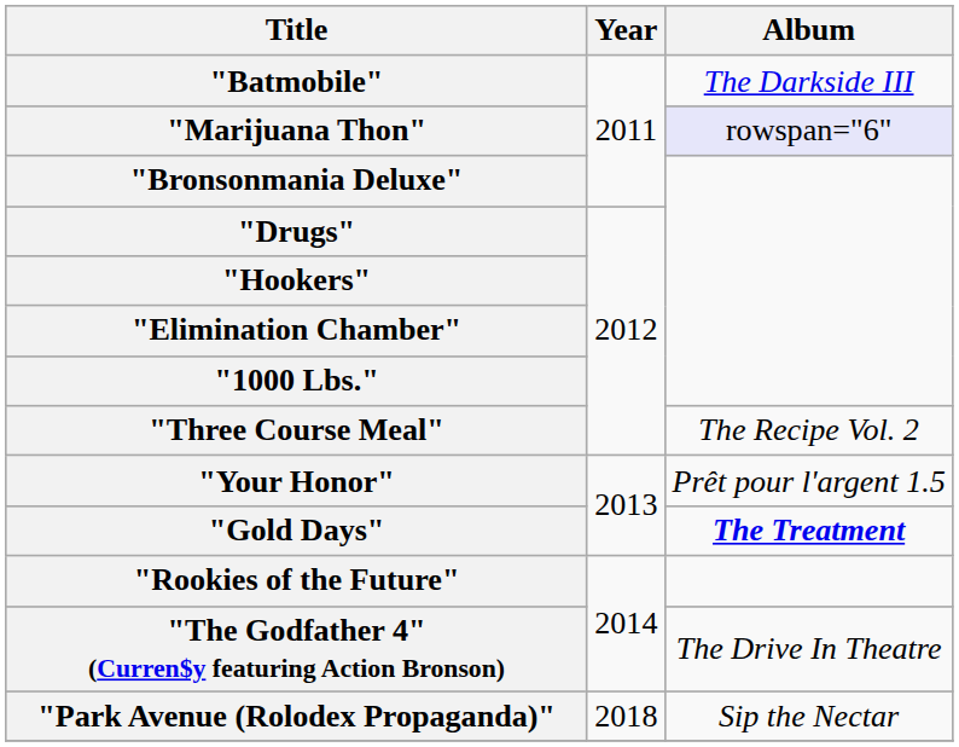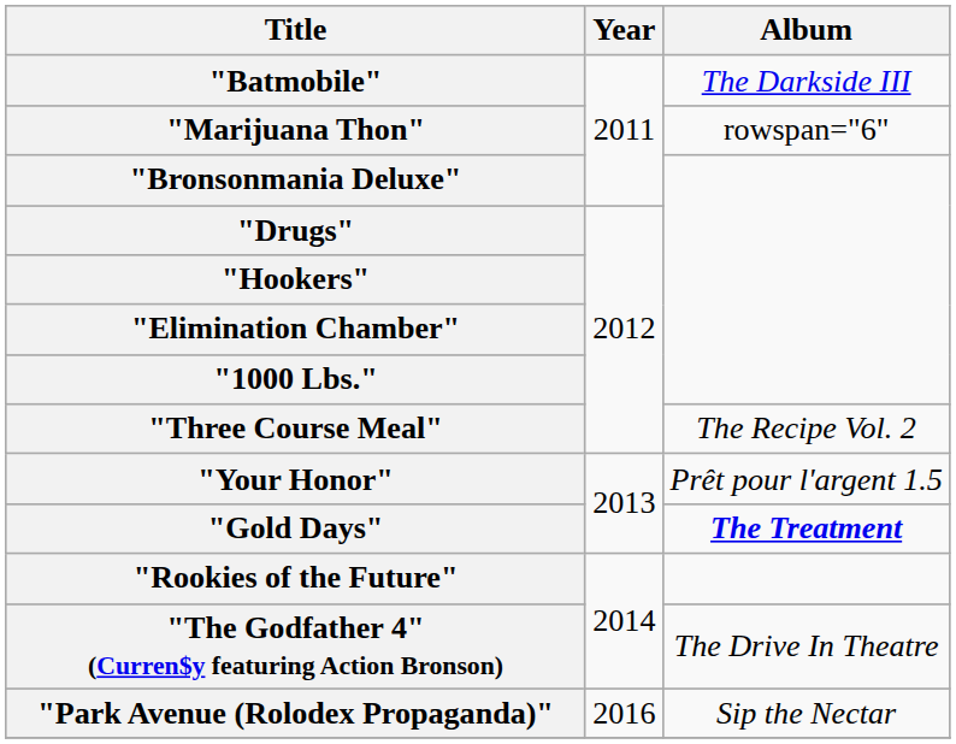 <table class="wikitable plainrowheaders" style="text-align:center;">
 <tr>
 <th scope="col" style="width:18em;">Title</th>
 <th scope="col">Year</th>
 <th scope="col">Album</th>
 </tr>
 <tr>
 <th scope="row">"Batmobile"<br></th>
 <td rowspan="3">2011</td>
 <td><em><a href='#'>The Darkside III</a></em></td>
 </tr>
 <tr>
 <th scope="row">"Marijuana Thon"<br></th>
-<td style="background: lavender;">rowspan="6" </td>
+<td>rowspan="6" </td>
 </tr>
 <tr>
 <th scope="row">"Bronsonmania Deluxe"<br></th>
 </tr>
 <tr>
 <th scope="row">"Drugs"<br></th>
 <td rowspan="5">2012</td>
 </tr>
 <tr>
 <th scope="row">"Hookers"<br></th>
 </tr>
 <tr>
 <th scope="row">"Elimination Chamber"<br></th>
 </tr>
 <tr>
 <th scope="row">"1000 Lbs."<br></th>
 </tr>
 <tr>
 <th scope="row">"Three Course Meal"<br></th>
 <td><em>The Recipe Vol. 2</em></td>
 </tr>
 <tr>
 <th scope="row">"Your Honor"<br></th>
 <td rowspan="2">2013</td>
 <td><em>Prêt pour l'argent 1.5</em></td>
 </tr>
 <tr>
 <th scope="row">"Gold Days"<br></th>
 <td><strong><em><a href='#'>The Treatment</a></em></strong></td>
 </tr>
 <tr>
 <th scope="row">"Rookies of the Future"<br></th>
 <td rowspan="2">2014</td>
 <td></td>
 </tr>
 <tr>
 <th scope="row">"The Godfather 4"<br><small>(<a href='#'>Curren$y</a> featuring Action Bronson)</small></th>
 <td><em>The Drive In Theatre</em></td>
 </tr>
 <tr>
 <th scope="row">"Park Avenue (Rolodex Propaganda)"<br></th>
-<td>2018</td>
+<td>2016</td>
 <td><em>Sip the Nectar</em></td>
 </tr>
 <tr>
 </tr>
 </table>
